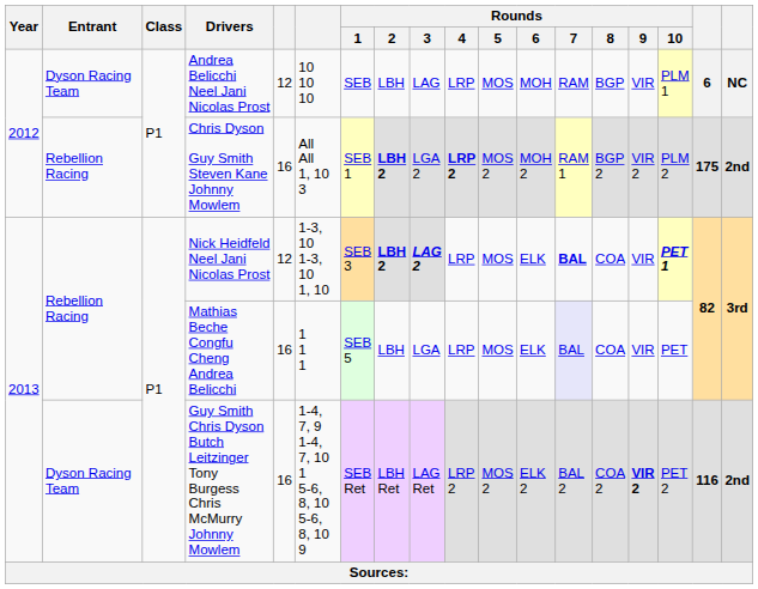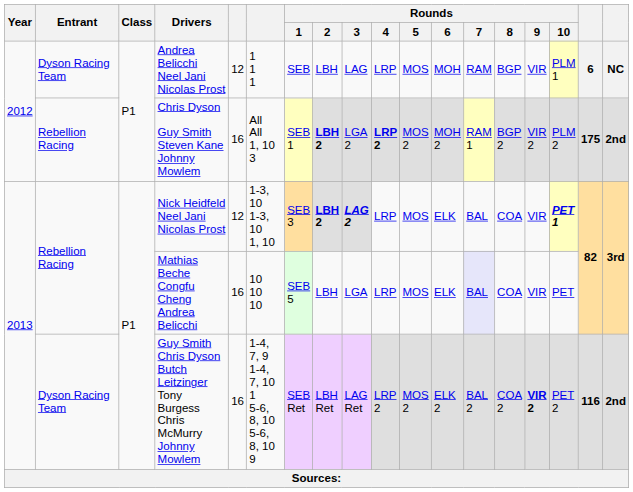 <table class="wikitable">
 <tr>
 <th rowspan="2">Year</th>
 <th rowspan="2">Entrant</th>
 <th rowspan="2">Class</th>
 <th rowspan="2">Drivers</th>
 <th rowspan="2"></th>
 <th rowspan="2"></th>
 <th colspan="10">Rounds</th>
 <th rowspan="2"></th>
 <th rowspan="2"></th>
 </tr>
 <tr>
 <th>1</th>
 <th>2</th>
 <th>3</th>
 <th>4</th>
 <th>5</th>
 <th>6</th>
 <th>7</th>
 <th>8</th>
 <th>9</th>
 <th>10</th>
 </tr>
 <tr>
 <td rowspan="2"><a href='#'>2012</a></td>
 <td> <a href='#'>Dyson Racing Team</a></td>
 <td rowspan="2">P1</td>
 <td> <a href='#'>Andrea Belicchi</a><br> <a href='#'>Neel Jani</a><br> <a href='#'>Nicolas Prost</a></td>
 <td>12</td>
-<td>10<br>10<br>10</td>
+<td>1<br>1<br>1</td>
 <td><a href='#'>SEB</a><br></td>
 <td><a href='#'>LBH</a><br></td>
 <td><a href='#'>LAG</a><br></td>
 <td><a href='#'>LRP</a><br></td>
 <td><a href='#'>MOS</a><br></td>
 <td><a href='#'>MOH</a><br></td>
 <td><a href='#'>RAM</a><br></td>
 <td><a href='#'>BGP</a><br></td>
 <td><a href='#'>VIR</a><br></td>
 <td style="background:#FFFFBF;”"><a href='#'>PLM</a><br>1</td>
 <th>6</th>
 <th>NC</th>
 </tr>
 <tr>
 <td> <a href='#'>Rebellion Racing</a></td>
 <td> <a href='#'>Chris Dyson</a><br><br> <a href='#'>Guy Smith</a><br> <a href='#'>Steven Kane</a><br> <a href='#'>Johnny Mowlem</a></td>
 <td>16</td>
 <td>All<br>All<br>1, 10<br>3</td>
 <td style="background:#FFFFBF;”"><a href='#'>SEB</a><br>1</td>
 <td style="background:#DFDFDF;”"><strong><a href='#'>LBH</a><br>2</strong></td>
 <td style="background:#DFDFDF;”"><a href='#'>LGA</a><br>2</td>
 <td style="background:#DFDFDF;”"><strong><a href='#'>LRP</a><br>2</strong></td>
 <td style="background:#DFDFDF;”"><a href='#'>MOS</a><br>2</td>
 <td style="background:#DFDFDF;”"><a href='#'>MOH</a><br>2</td>
 <td style="background:#FFFFBF;”"><a href='#'>RAM</a><br>1</td>
 <td style="background:#DFDFDF;”"><a href='#'>BGP</a><br>2</td>
 <td style="background:#DFDFDF;”"><a href='#'>VIR</a><br>2</td>
 <td style="background:#DFDFDF;”"><a href='#'>PLM</a><br>2</td>
 <th style="background:#DFDFDF;”">175</th>
 <th style="background:#DFDFDF;”">2nd</th>
 </tr>
 <tr>
 <td rowspan="3"><a href='#'>2013</a></td>
 <td rowspan="2"> <a href='#'>Rebellion Racing</a></td>
 <td rowspan="3">P1</td>
 <td> <a href='#'>Nick Heidfeld</a><br> <a href='#'>Neel Jani</a><br> <a href='#'>Nicolas Prost</a></td>
 <td>12</td>
 <td>1-3, 10<br>1-3, 10<br>1, 10</td>
 <td style="background:#FFDF9F;”"><a href='#'>SEB</a><br>3</td>
 <td style="background:#DFDFDF;”"><strong><a href='#'>LBH</a><br>2</strong></td>
 <td style="background:#DFDFDF;”"><strong><em><a href='#'>LAG</a><br>2</em></strong></td>
 <td><a href='#'>LRP</a><br></td>
 <td><a href='#'>MOS</a><br></td>
 <td><a href='#'>ELK</a><br></td>
-<td><strong><a href='#'>BAL</a><br></strong></td>
+<td><a href='#'>BAL</a><br></td>
 <td><a href='#'>COA</a><br></td>
 <td><a href='#'>VIR</a><br></td>
 <td style="background:#FFFFBF;”"><strong><em><a href='#'>PET</a><br>1</em></strong></td>
 <th rowspan="2" style="background:#FFDF9F;”">82</th>
 <th rowspan="2" style="background:#FFDF9F;”">3rd</th>
 </tr>
 <tr>
 <td> <a href='#'>Mathias Beche</a><br> <a href='#'>Congfu Cheng</a><br> <a href='#'>Andrea Belicchi</a></td>
 <td>16</td>
-<td>1<br>1<br>1</td>
+<td>10<br>10<br>10</td>
 <td style="background:#DFFFDF;"><a href='#'>SEB</a><br>5</td>
 <td><a href='#'>LBH</a><br></td>
 <td><a href='#'>LGA</a><br></td>
 <td><a href='#'>LRP</a><br></td>
 <td><a href='#'>MOS</a><br></td>
 <td><a href='#'>ELK</a><br></td>
 <td style="background: lavender;"><a href='#'>BAL</a><br></td>
 <td><a href='#'>COA</a><br></td>
 <td><a href='#'>VIR</a><br></td>
 <td><a href='#'>PET</a><br></td>
 </tr>
 <tr>
 <td> <a href='#'>Dyson Racing Team</a></td>
 <td> <a href='#'>Guy Smith</a><br> <a href='#'>Chris Dyson</a><br> <a href='#'>Butch Leitzinger</a><br> Tony Burgess<br> Chris McMurry<br> <a href='#'>Johnny Mowlem</a></td>
 <td>16</td>
 <td>1-4, 7, 9<br>1-4, 7, 10<br>1<br>5-6, 8, 10<br>5-6, 8, 10<br>9</td>
 <td style="background:#EFCFFF;"><a href='#'>SEB</a><br>Ret</td>
 <td style="background:#EFCFFF;"><a href='#'>LBH</a><br>Ret</td>
 <td style="background:#EFCFFF;"><a href='#'>LAG</a><br>Ret</td>
 <td style="background:#DFDFDF;”"><a href='#'>LRP</a><br>2</td>
 <td style="background:#DFDFDF;”"><a href='#'>MOS</a><br>2</td>
 <td style="background:#DFDFDF;”"><a href='#'>ELK</a><br>2</td>
 <td style="background:#DFDFDF;”"><a href='#'>BAL</a><br>2</td>
 <td style="background:#DFDFDF;”"><a href='#'>COA</a><br>2</td>
 <td style="background:#DFDFDF;”"><strong><a href='#'>VIR</a><br>2</strong></td>
 <td style="background:#DFDFDF;”"><a href='#'>PET</a><br>2</td>
 <th style="background:#DFDFDF;”">116</th>
 <th style="background:#DFDFDF;”">2nd</th>
 </tr>
 <tr>
 <th colspan="18">Sources:</th>
 </tr>
 </table>
